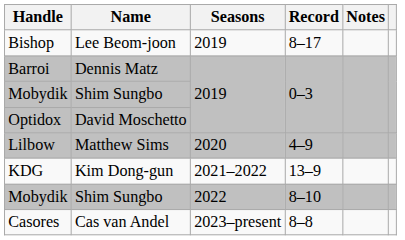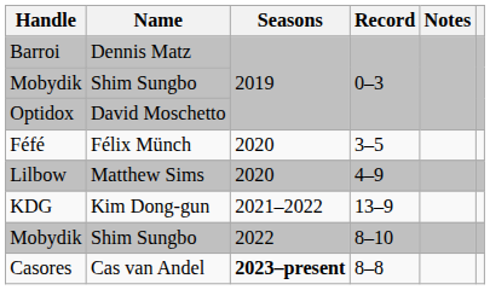 <table class="wikitable">
 <tr>
 <th style="background:#">Handle</th>
 <th style="background:#">Name</th>
 <th style="background:#">Seasons</th>
 <th style="background:#">Record</th>
 <th style="background:#">Notes</th>
 <th style="background:#"></th>
-</tr>
-<tr>
-<td>Bishop</td>
-<td>Lee Beom-joon</td>
-<td>2019</td>
-<td>8–17 </td>
-<td></td>
-<td></td>
 </tr>
 <tr style="background:silver;">
 <td>Barroi</td>
 <td>Dennis Matz</td>
 <td rowspan=3>2019</td>
 <td rowspan=3>0–3 </td>
 <td rowspan=3></td>
 <td rowspan=3></td>
 </tr>
 <tr style="background:silver;">
 <td>Mobydik</td>
 <td>Shim Sungbo</td>
 </tr>
 <tr style="background:silver;">
 <td>Optidox</td>
 <td>David Moschetto</td>
+</tr>
+<tr>
+<td>Féfé</td>
+<td>Félix Münch</td>
+<td>2020</td>
+<td>3–5 </td>
+<td></td>
+<td></td>
 </tr>
 <tr style="background:silver;">
 <td>Lilbow</td>
 <td>Matthew Sims</td>
 <td>2020</td>
 <td>4–9 </td>
 <td></td>
 <td></td>
 </tr>
 <tr>
 <td>KDG</td>
 <td>Kim Dong-gun</td>
 <td>2021–2022</td>
 <td>13–9 </td>
 <td></td>
 <td></td>
 </tr>
 <tr style="background:silver;">
 <td>Mobydik</td>
 <td>Shim Sungbo</td>
 <td>2022</td>
 <td>8–10 </td>
 <td></td>
 <td></td>
 </tr>
 <tr>
 <td>Casores</td>
 <td>Cas van Andel</td>
-<td>2023–present</td>
+<td><strong>2023–present</strong></td>
 <td>8–8 </td>
 <td></td>
 <td></td>
 </tr>
 </table>
